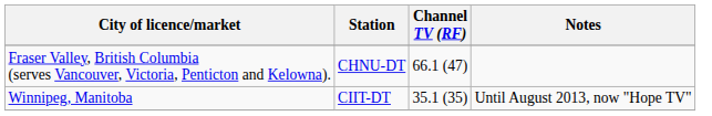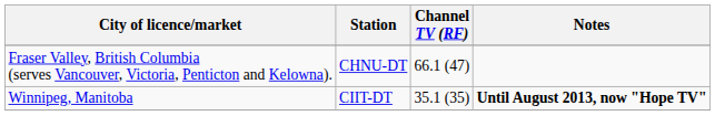 <table class="wikitable unsortable">
 <tr>
 <th>City of licence/market</th>
 <th>Station</th>
 <th>Channel<br><em><a href='#'>TV</a> (<a href='#'>RF</a>)</em></th>
 <th>Notes</th>
 </tr>
 <tr style="vertical-align: top; text-align: left;">
 </tr>
 <tr>
 <td><a href='#'>Fraser Valley</a>, <a href='#'>British Columbia</a><br>(serves <a href='#'>Vancouver</a>, <a href='#'>Victoria</a>, <a href='#'>Penticton</a> and <a href='#'>Kelowna</a>).</td>
 <td><a href='#'>CHNU-DT</a></td>
 <td>66.1 (47)</td>
 <td></td>
 </tr>
 <tr>
 <td><a href='#'>Winnipeg, Manitoba</a></td>
 <td><a href='#'>CIIT-DT</a></td>
 <td>35.1 (35)</td>
-<td>Until August 2013, now "Hope TV"</td>
+<td><strong>Until August 2013, now "Hope TV"</strong></td>
 </tr>
 <tr>
 </tr>
 </table>
